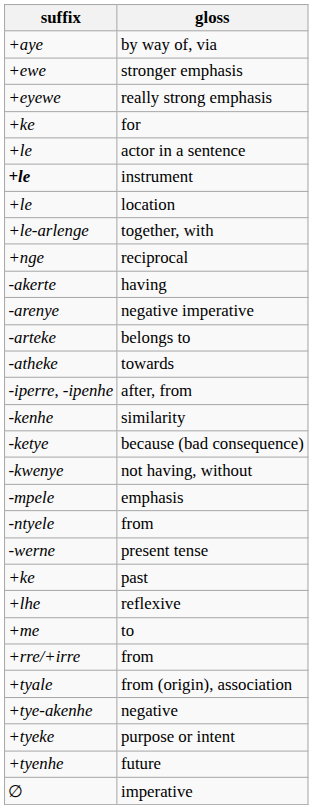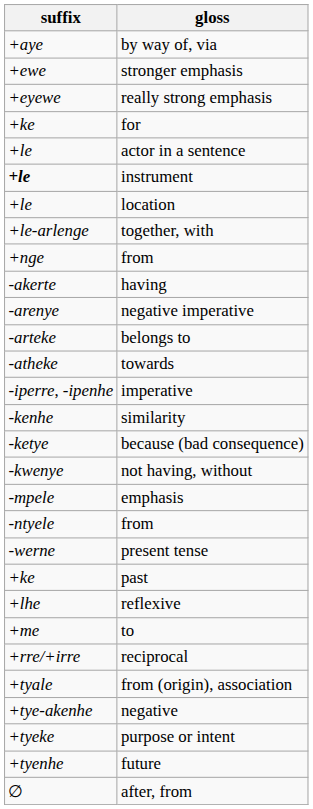 <table class="wikitable">
 <tr>
 <th>suffix</th>
 <th>gloss</th>
 </tr>
 <tr>
 <td><em>+aye</em></td>
 <td>by way of, via</td>
 </tr>
 <tr>
 <td><em>+ewe</em></td>
 <td>stronger emphasis</td>
 </tr>
 <tr>
 <td><em>+eyewe</em></td>
 <td>really strong emphasis</td>
 </tr>
 <tr>
 <td><em>+ke</em></td>
 <td>for</td>
 </tr>
 <tr>
 <td><em>+le</em></td>
 <td>actor in a sentence</td>
 </tr>
 <tr>
 <td><strong><em>+le</em></strong></td>
 <td>instrument</td>
 </tr>
 <tr>
 <td><em>+le</em></td>
 <td>location</td>
 </tr>
 <tr>
 <td><em>+le-arlenge</em></td>
 <td>together, with</td>
 </tr>
 <tr>
 <td><em>+nge</em></td>
-<td>reciprocal</td>
+<td>from</td>
 </tr>
 <tr>
 <td><em>-akerte</em></td>
 <td>having</td>
 </tr>
 <tr>
 <td><em>-arenye</em></td>
 <td>negative imperative</td>
 </tr>
 <tr>
 <td><em>-arteke</em></td>
 <td>belongs to</td>
 </tr>
 <tr>
 <td><em>-atheke</em></td>
 <td>towards</td>
 </tr>
 <tr>
 <td>-<em>iperre</em>, <em>-ipenhe</em></td>
-<td>after, from</td>
+<td>imperative</td>
 </tr>
 <tr>
 <td><em>-kenhe</em></td>
 <td>similarity</td>
 </tr>
 <tr>
 <td><em>-ketye</em></td>
 <td>because (bad consequence)</td>
 </tr>
 <tr>
 <td><em>-kwenye</em></td>
 <td>not having, without</td>
 </tr>
 <tr>
 <td><em>-mpele</em></td>
 <td>emphasis</td>
 </tr>
 <tr>
 <td><em>-ntyele</em></td>
 <td>from</td>
 </tr>
 <tr>
 <td><em>-werne</em></td>
 <td>present tense</td>
 </tr>
 <tr>
 <td><em>+ke</em></td>
 <td>past</td>
 </tr>
 <tr>
 <td><em>+lhe</em></td>
 <td>reflexive</td>
 </tr>
 <tr>
 <td><em>+me</em></td>
 <td>to</td>
 </tr>
 <tr>
 <td><em>+rre/+irre</em></td>
-<td>from</td>
+<td>reciprocal</td>
 </tr>
 <tr>
 <td><em>+tyale</em></td>
 <td>from (origin), association</td>
 </tr>
 <tr>
 <td><em>+tye-akenhe</em></td>
 <td>negative</td>
 </tr>
 <tr>
 <td><em>+tyeke</em></td>
 <td>purpose or intent</td>
 </tr>
 <tr>
 <td><em>+tyenhe</em></td>
 <td>future</td>
 </tr>
 <tr>
 <td>∅</td>
-<td>imperative</td>
+<td>after, from</td>
 </tr>
 </table>
